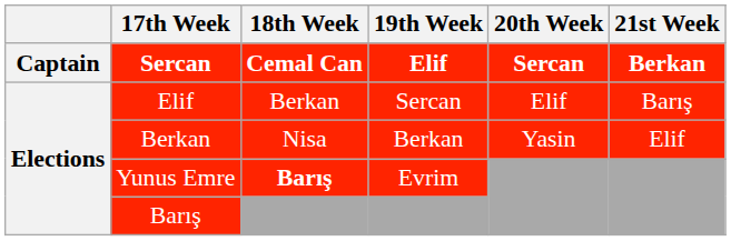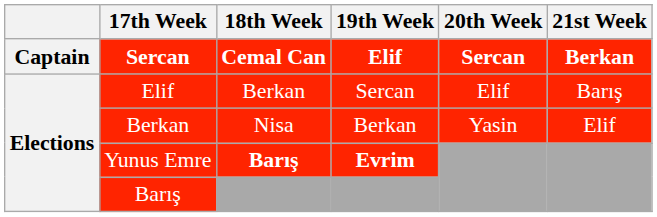 <table class="wikitable " style="text-align:center">
 <tr>
 <th></th>
 <th>17th Week</th>
 <th>18th Week</th>
 <th>19th Week </th>
 <th>20th Week</th>
 <th>21st Week</th>
 </tr>
 <tr>
 <th>Captain</th>
 <td style="background:#FF2400; color:white;"><strong>Sercan</strong></td>
 <td style="background:#FF2400; color:white;"><strong>Cemal Can</strong></td>
 <td style="background:#FF2400; color:white;"><strong>Elif</strong></td>
 <td style="background:#FF2400; color:white;"><strong>Sercan</strong></td>
 <td style="background:#FF2400; color:white;"><strong>Berkan</strong></td>
 </tr>
 <tr>
 <th rowspan=4>Elections</th>
 <td style="background:#FF2400; color:white;">Elif</td>
 <td style="background:#FF2400; color:white;">Berkan</td>
 <td style="background:#FF2400; color:white;">Sercan</td>
 <td style="background:#FF2400; color:white;">Elif</td>
 <td style="background:#FF2400; color:white;">Barış</td>
 </tr>
 <tr>
 <td style="background:#FF2400; color:white;">Berkan</td>
 <td style="background:#FF2400; color:white;">Nisa</td>
 <td style="background:#FF2400; color:white;">Berkan</td>
 <td style="background:#FF2400; color:white;">Yasin</td>
 <td style="background:#FF2400; color:white;">Elif</td>
 </tr>
 <tr>
 <td style="background:#FF2400; color:white;">Yunus Emre</td>
 <td style="background:#FF2400; color:white;"><strong>Barış</strong></td>
-<td style="background:#FF2400; color:white;">Evrim</td>
+<td style="background:#FF2400; color:white;"><strong>Evrim</strong></td>
 <td bgcolor=darkgrey rowspan=2></td>
 <td bgcolor=darkgrey rowspan=2></td>
 </tr>
 <tr>
 <td style="background:#FF2400; color:white;">Barış</td>
 <td bgcolor=darkgrey rowspan=1></td>
 <td bgcolor=darkgrey rowspan=1></td>
 </tr>
 </table>
